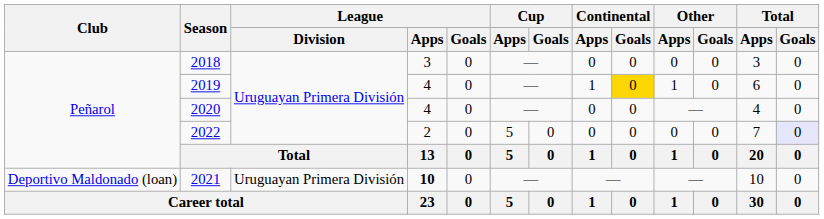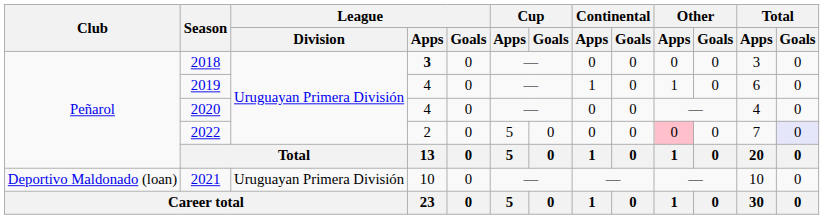 <table class="wikitable" Style="text-align: center">
 <tr>
 <th rowspan="2">Club</th>
 <th rowspan="2">Season</th>
 <th colspan="3">League</th>
 <th colspan="2">Cup</th>
 <th colspan="2">Continental</th>
 <th colspan="2">Other</th>
 <th colspan="2">Total</th>
 </tr>
 <tr>
 <th>Division</th>
 <th>Apps</th>
 <th>Goals</th>
 <th>Apps</th>
 <th>Goals</th>
 <th>Apps</th>
 <th>Goals</th>
 <th>Apps</th>
 <th>Goals</th>
 <th>Apps</th>
 <th>Goals</th>
 </tr>
 <tr>
 <td rowspan="5"><a href='#'>Peñarol</a></td>
 <td><a href='#'>2018</a></td>
 <td rowspan="4"><a href='#'>Uruguayan Primera División</a></td>
-<td>3</td>
+<td><strong>3</strong></td>
 <td>0</td>
 <td colspan="2">—</td>
 <td>0</td>
 <td>0</td>
 <td>0</td>
 <td>0</td>
 <td>3</td>
 <td>0</td>
 </tr>
 <tr>
 <td><a href='#'>2019</a></td>
 <td>4</td>
 <td>0</td>
 <td colspan="2">—</td>
 <td>1</td>
-<td style="background: gold;">0</td>
+<td>0</td>
 <td>1</td>
 <td>0</td>
 <td>6</td>
 <td>0</td>
 </tr>
 <tr>
 <td><a href='#'>2020</a></td>
 <td>4</td>
 <td>0</td>
 <td colspan="2">—</td>
 <td>0</td>
 <td>0</td>
 <td colspan="2">—</td>
 <td>4</td>
 <td>0</td>
 </tr>
 <tr>
 <td><a href='#'>2022</a></td>
 <td>2</td>
 <td>0</td>
 <td>5</td>
 <td>0</td>
 <td>0</td>
 <td>0</td>
-<td>0</td>
+<td style="background: pink;">0</td>
 <td>0</td>
 <td>7</td>
 <td style="background: lavender;">0</td>
 </tr>
 <tr>
 <th colspan="2">Total</th>
 <th>13</th>
 <th>0</th>
 <th>5</th>
 <th>0</th>
 <th>1</th>
 <th>0</th>
 <th>1</th>
 <th>0</th>
 <th>20</th>
 <th>0</th>
 </tr>
 <tr>
 <td><a href='#'>Deportivo Maldonado</a> (loan)</td>
 <td><a href='#'>2021</a></td>
 <td>Uruguayan Primera División</td>
-<td><strong>10</strong></td>
+<td>10</td>
 <td>0</td>
 <td colspan="2">—</td>
 <td colspan="2">—</td>
 <td colspan="2">—</td>
 <td>10</td>
 <td>0</td>
 </tr>
 <tr>
 <th colspan="3">Career total</th>
 <th>23</th>
 <th>0</th>
 <th>5</th>
 <th>0</th>
 <th>1</th>
 <th>0</th>
 <th>1</th>
 <th>0</th>
 <th>30</th>
 <th>0</th>
 </tr>
 </table>
